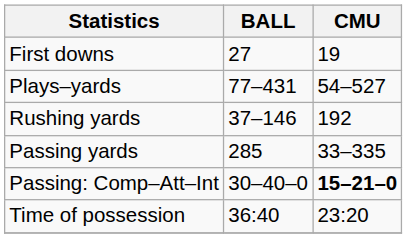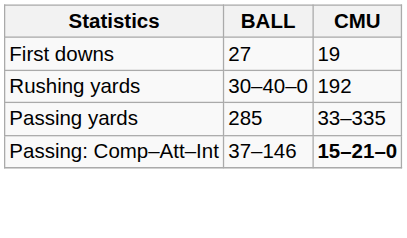 <table class="wikitable" style="float: left;">
 <tr>
 <th>Statistics</th>
 <th>BALL</th>
 <th>CMU</th>
 </tr>
 <tr>
 <td>First downs</td>
 <td>27</td>
 <td>19</td>
 </tr>
 <tr>
-<td>Plays–yards</td>
-<td>77–431</td>
-<td>54–527</td>
-</tr>
-<tr>
 <td>Rushing yards</td>
-<td>37–146</td>
+<td>30–40–0</td>
 <td>192</td>
 </tr>
 <tr>
 <td>Passing yards</td>
 <td>285</td>
 <td>33–335</td>
 </tr>
 <tr>
 <td>Passing: Comp–Att–Int</td>
-<td>30–40–0</td>
+<td>37–146</td>
 <td><strong>15–21–0</strong></td>
-</tr>
-<tr>
-<td>Time of possession</td>
-<td>36:40</td>
-<td>23:20</td>
 </tr>
 <tr>
 </tr>
 </table>
